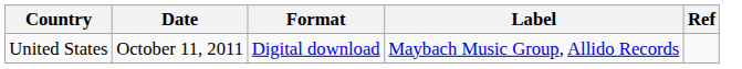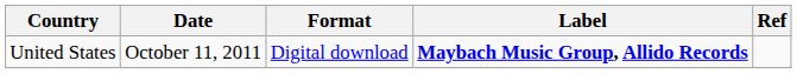 <table class="wikitable">
 <tr>
 <th>Country</th>
 <th>Date</th>
 <th>Format</th>
 <th>Label</th>
 <th>Ref</th>
 </tr>
 <tr>
 <td>United States</td>
 <td rowspan="1">October 11, 2011</td>
 <td rowspan="1"><a href='#'>Digital download</a></td>
-<td rowspan="1"><a href='#'>Maybach Music Group</a>, <a href='#'>Allido Records</a></td>
+<td rowspan="1"><strong><a href='#'>Maybach Music Group</a>, <a href='#'>Allido Records</a></strong></td>
 <td></td>
 </tr>
 <tr>
 </tr>
 </table>
